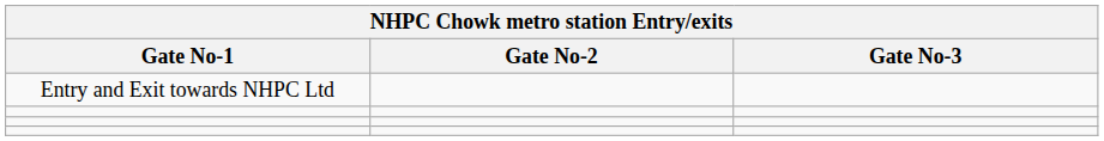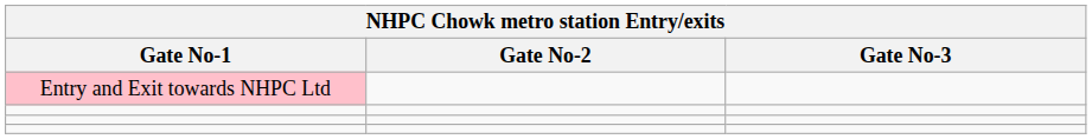 <table class="wikitable" style="text-align: center;" width="65%">
 <tr>
 <th align="center" colspan="5" style="background:#"><span>NHPC Chowk metro station Entry/exits</span></th>
 </tr>
 <tr>
 <th style="width:15%;">Gate No-1</th>
 <th style="width:15%;">Gate No-2</th>
 <th style="width:15%;">Gate No-3</th>
 </tr>
 <tr>
-<td>Entry and Exit towards NHPC Ltd</td>
+<td style="background: pink;">Entry and Exit towards NHPC Ltd</td>
 <td></td>
 <td></td>
 </tr>
 <tr>
 <td></td>
 <td></td>
 <td></td>
 </tr>
 <tr>
 <td></td>
 <td></td>
 <td></td>
 </tr>
 <tr>
 <td></td>
 <td></td>
 <td></td>
 </tr>
 </table>
